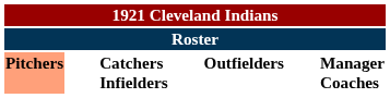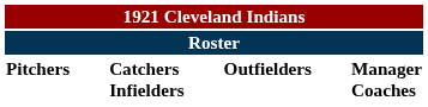 <table class="toccolours" style="font-size: 95%;">
 <tr>
 <th colspan="10" style="background-color: #990000; color: white; text-align: center;">1921 Cleveland Indians</th>
 </tr>
 <tr>
 <td colspan="10" style="background-color: #023456; color: white; text-align: center;"><strong>Roster</strong></td>
 </tr>
 <tr>
-<td valign="top" style="background: lightsalmon;"><strong>Pitchers</strong><br>          </td>
+<td valign="top"><strong>Pitchers</strong><br>          </td>
 <td width="25px"></td>
 <td valign="top"><strong>Catchers</strong><br>      <strong>Infielders</strong>       </td>
 <td width="25px"></td>
 <td valign="top"><strong>Outfielders</strong><br>      </td>
 <td width="25px"></td>
 <td valign="top"><strong>Manager</strong><br> <strong>Coaches</strong> </td>
 </tr>
 </table>
